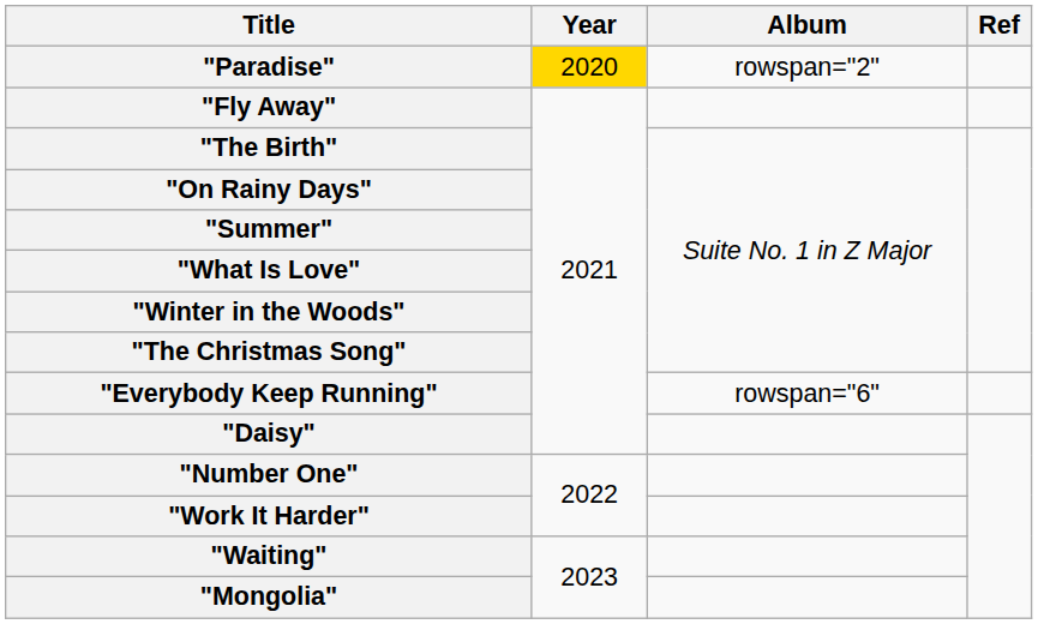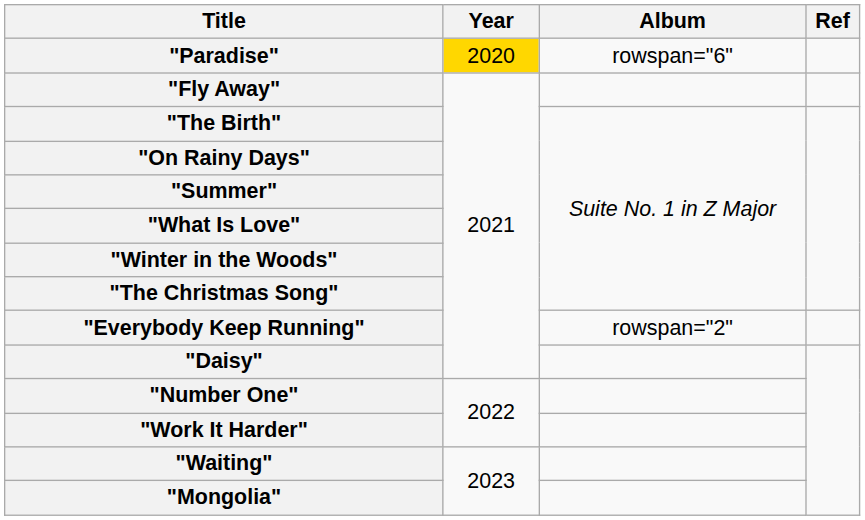 <table class="wikitable plainrowheaders" style="text-align:center">
 <tr>
 <th scope="col" style="width:20em;">Title</th>
 <th scope="col" style="width:4em;">Year</th>
 <th scope="col" style="width:12em;">Album</th>
 <th scope="col" style="width:2em;">Ref</th>
 </tr>
 <tr>
 <th scope="row">"Paradise"</th>
 <td style="background: gold;">2020</td>
-<td>rowspan="2" </td>
+<td>rowspan="6" </td>
 <td></td>
 </tr>
 <tr>
 <th scope="row">"Fly Away"<br></th>
 <td rowspan="9">2021</td>
 <td></td>
 </tr>
 <tr>
 <th scope="row">"The Birth"</th>
 <td rowspan="6"><em>Suite No. 1 in Z Major</em></td>
 <td rowspan="6"></td>
 </tr>
 <tr>
 <th scope="row">"On Rainy Days"</th>
 </tr>
 <tr>
 <th scope="row">"Summer"</th>
 </tr>
 <tr>
 <th scope="row">"What Is Love"</th>
 </tr>
 <tr>
 <th scope="row">"Winter in the Woods"</th>
 </tr>
 <tr>
 <th scope="row">"The Christmas Song"</th>
 </tr>
 <tr>
 <th scope="row">"Everybody Keep Running"<br></th>
-<td>rowspan="6" </td>
+<td>rowspan="2" </td>
 <td></td>
 </tr>
 <tr>
 <th scope="row">"Daisy"<br></th>
 <td></td>
 </tr>
 <tr>
 <th scope="row">"Number One"<br></th>
 <td rowspan="2">2022</td>
 <td></td>
 </tr>
 <tr>
 <th scope="row">"Work It Harder"<br></th>
 <td></td>
 </tr>
 <tr>
 <th scope="row">"Waiting"<br></th>
 <td rowspan="2">2023</td>
 <td></td>
 </tr>
 <tr>
 <th scope="row">"Mongolia"<br></th>
 <td></td>
 </tr>
 </table>
